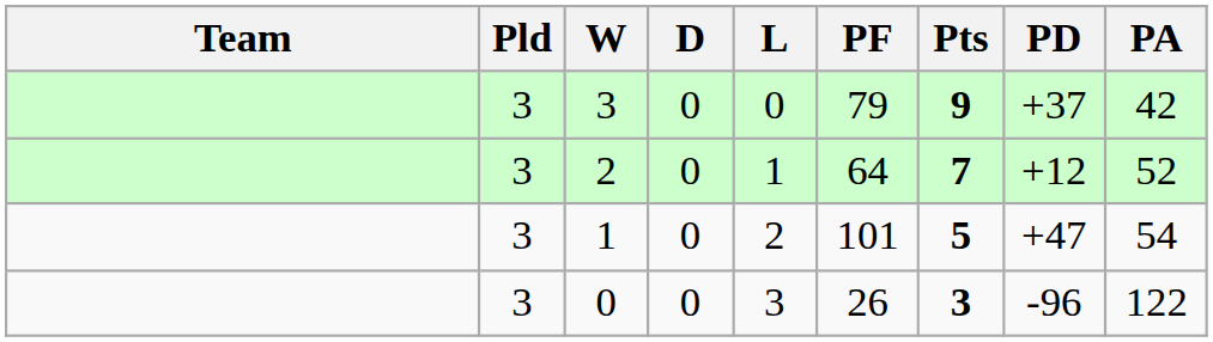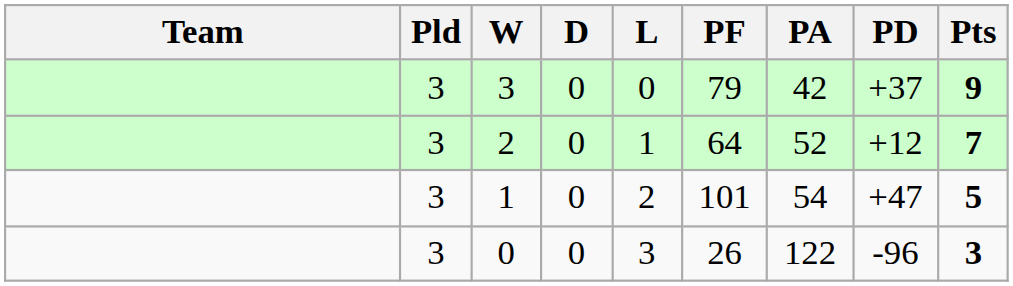 <table class="wikitable" style="text-align:center;">
 <tr>
 <th width=175>Team</th>
 <th width=25 abbr="Played">Pld</th>
 <th width=25 abbr="Won">W</th>
 <th width=25 abbr="Drawn">D</th>
 <th width=25 abbr="Lost">L</th>
 <th width=32 abbr="Points for">PF</th>
+<th width=32 abbr="Points against">PA</th>
+<th width=32 abbr="Points difference">PD</th>
 <th width=25 abbr="Points">Pts</th>
-<th width=32 abbr="Points difference">PD</th>
-<th width=32 abbr="Points against">PA</th>
 </tr>
 <tr bgcolor="#ccffcc">
 <td align=left></td>
 <td>3</td>
 <td>3</td>
 <td>0</td>
 <td>0</td>
 <td>79</td>
+<td>42</td>
+<td>+37</td>
 <td><strong>9</strong></td>
-<td>+37</td>
-<td>42</td>
 </tr>
 <tr bgcolor="#ccffcc">
 <td align=left></td>
 <td>3</td>
 <td>2</td>
 <td>0</td>
 <td>1</td>
 <td>64</td>
+<td>52</td>
+<td>+12</td>
 <td><strong>7</strong></td>
-<td>+12</td>
-<td>52</td>
 </tr>
 <tr>
 <td align=left></td>
 <td>3</td>
 <td>1</td>
 <td>0</td>
 <td>2</td>
 <td>101</td>
+<td>54</td>
+<td>+47</td>
 <td><strong>5</strong></td>
-<td>+47</td>
-<td>54</td>
 </tr>
 <tr>
 <td align=left></td>
 <td>3</td>
 <td>0</td>
 <td>0</td>
 <td>3</td>
 <td>26</td>
+<td>122</td>
+<td>-96</td>
 <td><strong>3</strong></td>
-<td>-96</td>
-<td>122</td>
 </tr>
 </table>
